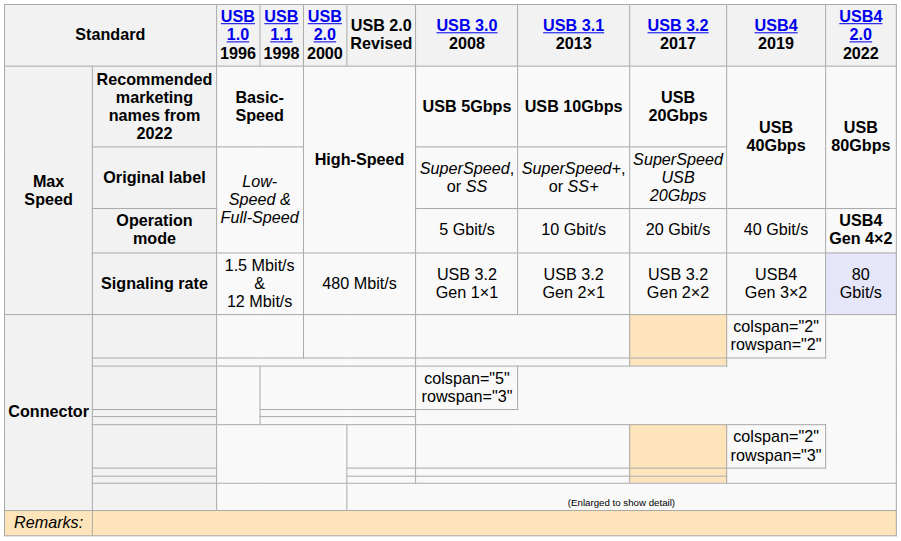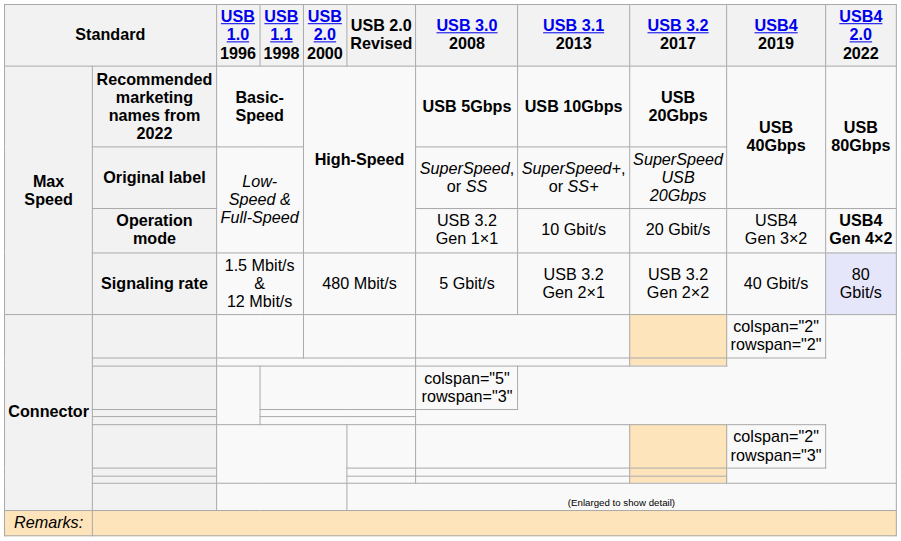 <table class="wikitable mw-datatable" style="text-align:center; margin-left:auto; margin-right:auto;">
 <tr>
 <th colspan=2>Standard</th>
 <th><a href='#'>USB 1.0</a><br>1996</th>
 <th><a href='#'>USB 1.1</a><br>1998</th>
 <th><a href='#'>USB 2.0</a><br>2000</th>
 <th>USB 2.0<br>Revised</th>
 <th><a href='#'>USB 3.0</a><br>2008</th>
 <th><a href='#'>USB 3.1</a><br>2013</th>
 <th><a href='#'>USB 3.2</a><br>2017</th>
 <th><a href='#'>USB4</a><br>2019</th>
 <th><a href='#'>USB4 2.0</a><br>2022</th>
 </tr>
 <tr>
 <th rowspan="4">Max Speed</th>
 <th>Recommended marketing<br>names from 2022</th>
 <td colspan="2"><strong>Basic-Speed</strong></td>
 <td rowspan="3" colspan="2"><strong>High-Speed</strong></td>
 <td><strong>USB 5Gbps</strong></td>
 <td><strong>USB 10Gbps</strong></td>
 <td><strong>USB 20Gbps</strong></td>
 <td rowspan="2"><strong>USB 40Gbps</strong></td>
 <td rowspan="2"><strong>USB 80Gbps</strong></td>
 </tr>
 <tr>
 <th>Original label</th>
 <td rowspan="2" colspan="2"><em>Low-Speed & Full-Speed</em></td>
 <td><em>SuperSpeed</em>, or <em>SS</em></td>
 <td><em>SuperSpeed+</em>, or <em>SS+</em></td>
 <td><em>SuperSpeed USB 20Gbps</em></td>
 </tr>
 <tr>
 <th>Operation mode</th>
-<td>5 Gbit/s</td>
+<td>USB 3.2 Gen 1×1</td>
 <td>10 Gbit/s</td>
 <td>20 Gbit/s</td>
-<td>40 Gbit/s</td>
+<td>USB4 Gen 3×2</td>
 <td><strong>USB4 Gen 4×2</strong></td>
 </tr>
 <tr>
 <th>Signaling rate</th>
 <td colspan="2">1.5 Mbit/s & 12 Mbit/s</td>
 <td colspan="2">480 Mbit/s</td>
-<td>USB 3.2 Gen 1×1</td>
+<td>5 Gbit/s</td>
 <td>USB 3.2 Gen 2×1</td>
 <td>USB 3.2 Gen 2×2</td>
-<td>USB4 Gen 3×2</td>
+<td>40 Gbit/s</td>
 <td style="background: lavender;">80 Gbit/s</td>
 </tr>
 <tr>
 <th rowspan="9">Connector</th>
 <th></th>
 <td colspan="2"></td>
 <td colspan="2"></td>
 <td colspan="2"></td>
 <td style="background:#FEE4BA"></td>
 <td>colspan="2" rowspan="2" </td>
 </tr>
 <tr>
 <th></th>
 <td colspan="4"></td>
 <td colspan="2"></td>
 <td style="background:#FEE4BA"></td>
 </tr>
 <tr>
 <th></th>
 <td rowspan="3"></td>
 <td colspan="3"></td>
 <td>colspan="5" rowspan="3" </td>
 </tr>
 <tr>
 <th></th>
 <td colspan="3"></td>
 </tr>
 <tr>
 <th></th>
 <td colspan="3"></td>
 </tr>
 <tr>
 <th></th>
 <td colspan="3" rowspan="3"> </td>
 <td></td>
 <td colspan="2"></td>
 <td style="background:#FEE4BA"></td>
 <td>colspan="2" rowspan="3" </td>
 </tr>
 <tr>
 <th></th>
 <td></td>
 <td colspan="2"></td>
 <td style="background:#FEE4BA"></td>
 </tr>
 <tr>
 <th></th>
 <td></td>
 <td colspan="2"></td>
 <td style="background:#FEE4BA"></td>
 </tr>
 <tr>
 <th> </th>
 <td colspan="3"></td>
 <td colspan="6" style="font-size:60%"><br>(Enlarged to show detail)</td>
 </tr>
 <tr style="background:#FEE4BA">
 <td><em>Remarks:</em></td>
 <td scope=col colspan=10></td>
 </tr>
 </table>
